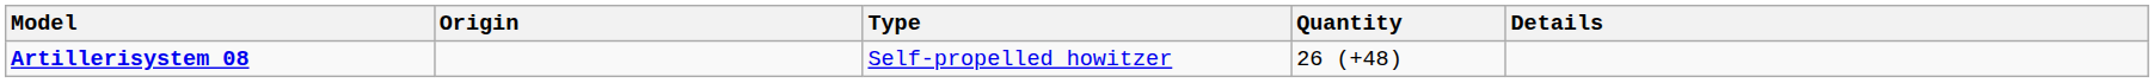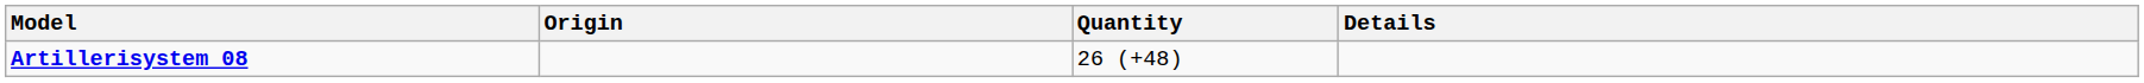 <table class="wikitable" style="width:100%;">
 <tr>
 <th style="text-align:left;width:20%;">Model</th>
 <th style="text-align:left;width:20%;">Origin</th>
-<th style="text-align:left;width:20%;">Type</th>
 <th style="text-align:left;width:10%;">Quantity</th>
 <th style="text-align:left;width:30%;">Details</th>
 </tr>
 <tr>
 <td><strong><a href='#'>Artilleri­system 08</a></strong></td>
 <td></td>
-<td><a href='#'>Self-propelled howitzer</a></td>
 <td>26 (+48)</td>
 <td></td>
 </tr>
 </table>
